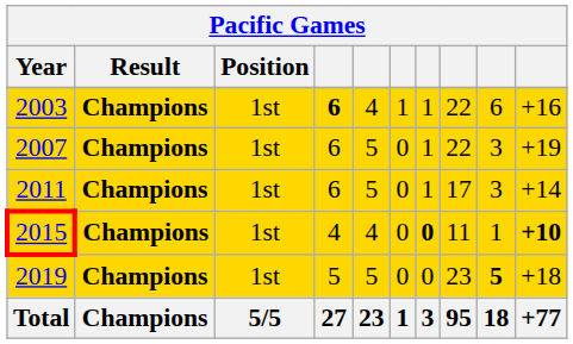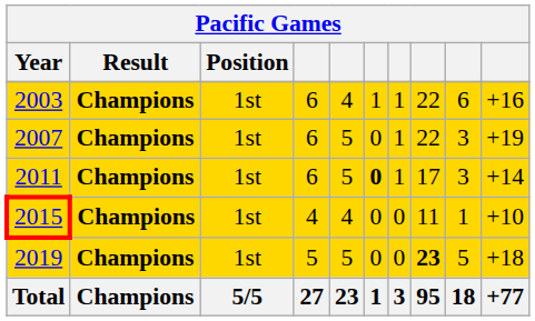 <table class="wikitable" style="text-align: center; width:50%;">
 <tr>
 <th colspan=10><a href='#'>Pacific Games</a></th>
 </tr>
 <tr>
 <th>Year</th>
 <th>Result</th>
 <th>Position</th>
 <th></th>
 <th></th>
 <th></th>
 <th></th>
 <th></th>
 <th></th>
 <th></th>
 </tr>
 <tr>
 </tr>
 <tr>
 </tr>
 <tr>
 </tr>
 <tr bgcolor=gold>
 <td> <a href='#'>2003</a></td>
 <td><strong>Champions</strong></td>
 <td>1st</td>
-<td><strong>6</strong></td>
+<td>6</td>
 <td>4</td>
 <td>1</td>
 <td>1</td>
 <td>22</td>
 <td>6</td>
 <td>+16</td>
 </tr>
 <tr bgcolor=gold>
 <td> <a href='#'>2007</a></td>
 <td><strong>Champions</strong></td>
 <td>1st</td>
 <td>6</td>
 <td>5</td>
 <td>0</td>
 <td>1</td>
 <td>22</td>
 <td>3</td>
 <td>+19</td>
 </tr>
 <tr bgcolor=gold>
 <td> <a href='#'>2011</a></td>
 <td><strong>Champions</strong></td>
 <td>1st</td>
 <td>6</td>
 <td>5</td>
-<td>0</td>
+<td><strong>0</strong></td>
 <td>1</td>
 <td>17</td>
 <td>3</td>
 <td>+14</td>
 </tr>
 <tr bgcolor=gold>
 <td style="border: 3px solid red"> <a href='#'>2015</a></td>
 <td><strong>Champions</strong></td>
 <td>1st</td>
 <td>4</td>
 <td>4</td>
 <td>0</td>
-<td><strong>0</strong></td>
+<td>0</td>
 <td>11</td>
 <td>1</td>
-<td><strong>+10</strong></td>
+<td>+10</td>
 </tr>
 <tr bgcolor=gold>
 <td> <a href='#'>2019</a></td>
 <td><strong>Champions</strong></td>
 <td>1st</td>
 <td>5</td>
 <td>5</td>
 <td>0</td>
 <td>0</td>
-<td>23</td>
-<td><strong>5</strong></td>
+<td><strong>23</strong></td>
+<td>5</td>
 <td>+18</td>
 </tr>
 <tr>
 <th>Total</th>
 <th>Champions</th>
 <th>5/5</th>
 <th>27</th>
 <th>23</th>
 <th>1</th>
 <th>3</th>
 <th>95</th>
 <th>18</th>
 <th>+77</th>
 </tr>
 </table>
